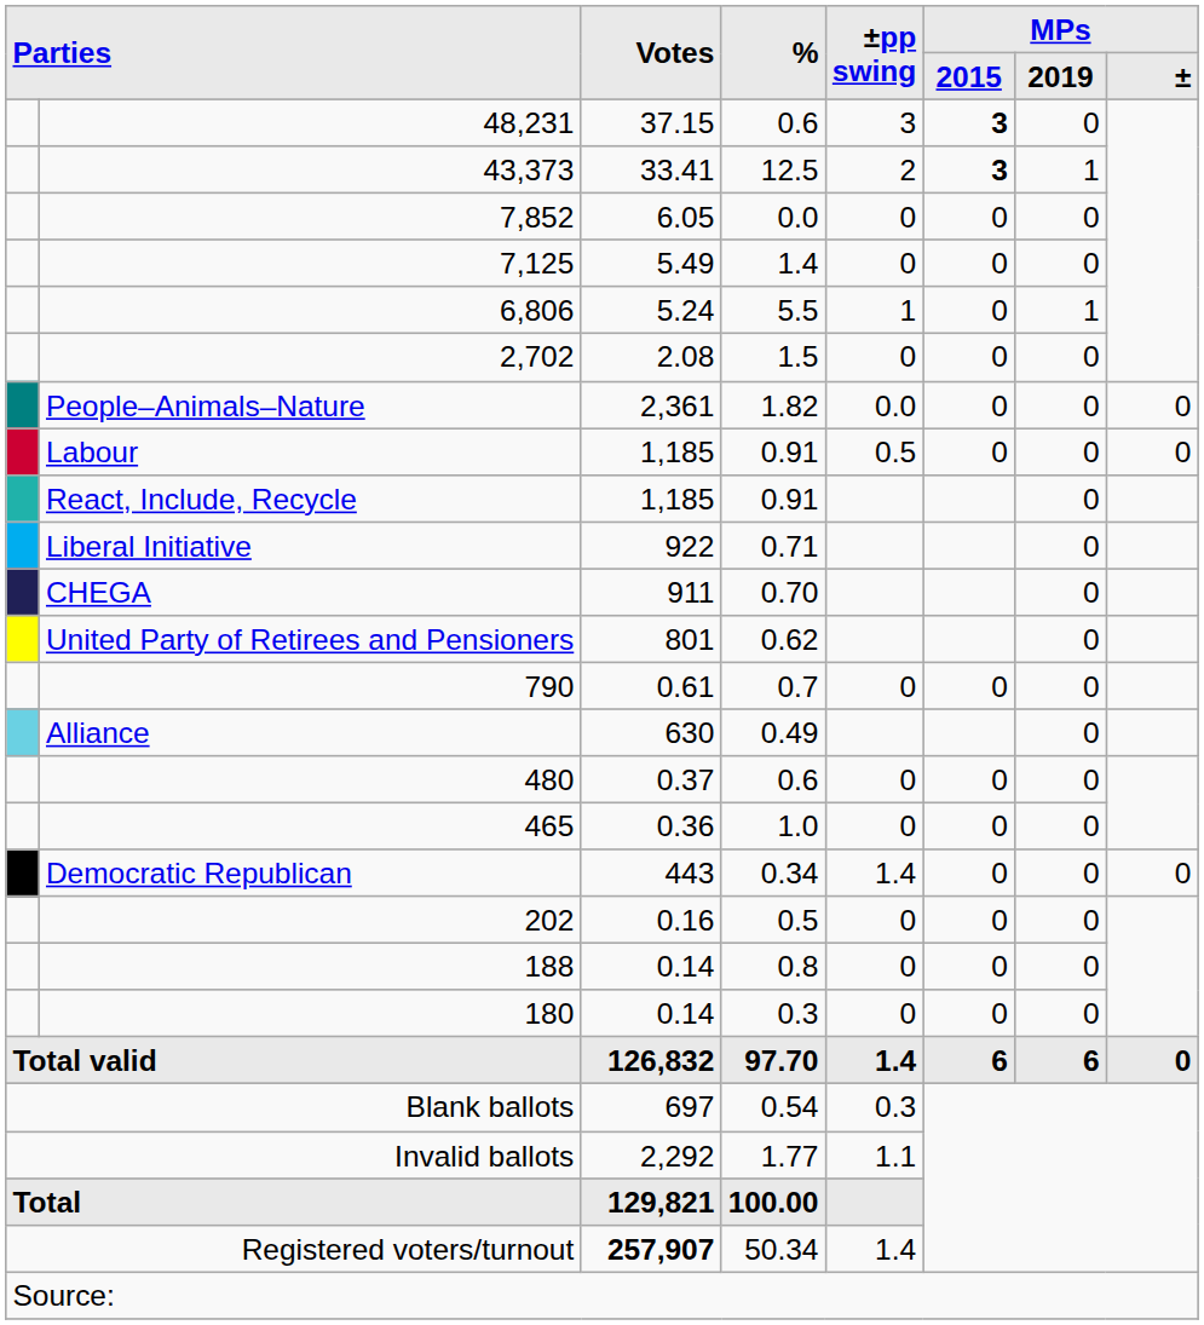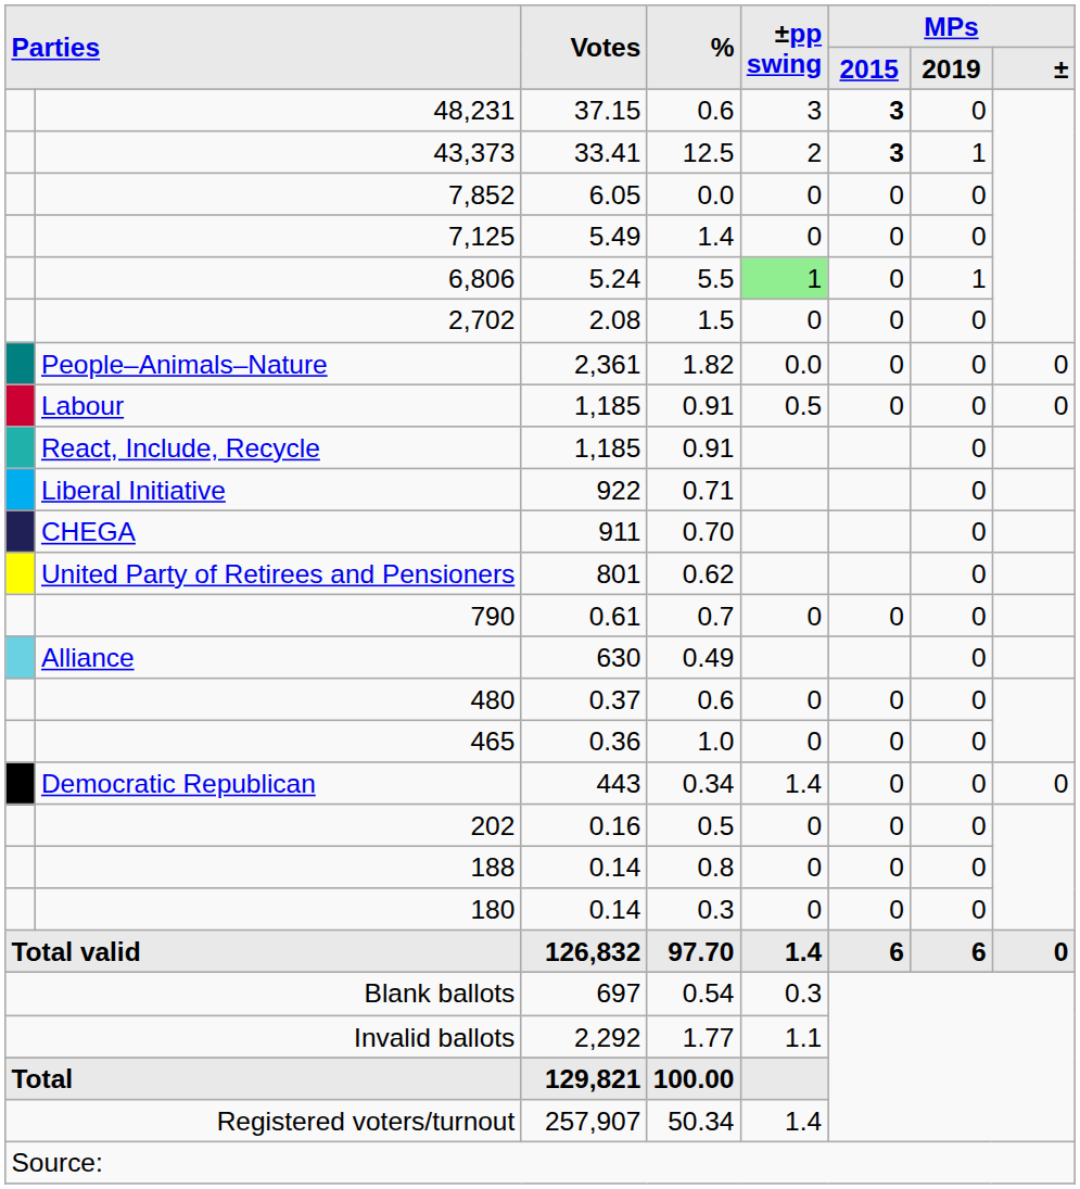 <table class="wikitable" style="text-align:right; font-size:95%;">
 <tr>
 <th rowspan="2" colspan="2" style="background:#e9e9e9; text-align:left;" alignleft><a href='#'>Parties</a></th>
 <th rowspan="2" style="background:#e9e9e9; text-align:right;">Votes</th>
 <th rowspan="2" style="background:#e9e9e9; text-align:right;">%</th>
 <th rowspan="2" style="background:#e9e9e9; text-align:right;">±<a href='#'>pp</a> <a href='#'>swing</a></th>
 <th colspan="3" style="background:#e9e9e9; text-align:center;"><a href='#'>MPs</a></th>
 </tr>
 <tr style="background-color:#E9E9E9">
 <th style="background-color:#E9E9E9;text-align:center;"><a href='#'>2015</a></th>
 <th style="background-color:#E9E9E9;text-align:center;">2019</th>
 <th style="background:#e9e9e9; text-align:right;">±</th>
 </tr>
 <tr>
 <td></td>
 <td>48,231</td>
 <td>37.15</td>
 <td>0.6</td>
 <td>3</td>
 <td><strong>3</strong></td>
 <td>0</td>
 </tr>
 <tr>
 <td></td>
 <td>43,373</td>
 <td>33.41</td>
 <td>12.5</td>
 <td>2</td>
 <td><strong>3</strong></td>
 <td>1</td>
 </tr>
 <tr>
 <td></td>
 <td>7,852</td>
 <td>6.05</td>
 <td>0.0</td>
 <td>0</td>
 <td>0</td>
 <td>0</td>
 </tr>
 <tr>
 <td></td>
 <td>7,125</td>
 <td>5.49</td>
 <td>1.4</td>
 <td>0</td>
 <td>0</td>
 <td>0</td>
 </tr>
 <tr>
 <td></td>
 <td>6,806</td>
 <td>5.24</td>
 <td>5.5</td>
-<td>1</td>
+<td style="background: lightgreen;">1</td>
 <td>0</td>
 <td>1</td>
 </tr>
 <tr>
 <td></td>
 <td>2,702</td>
 <td>2.08</td>
 <td>1.5</td>
 <td>0</td>
 <td>0</td>
 <td>0</td>
 </tr>
 <tr>
 <td style="width: 10px" bgcolor="teal" align="center"></td>
 <td align="left"><a href='#'>People–Animals–Nature</a></td>
 <td>2,361</td>
 <td>1.82</td>
 <td>0.0</td>
 <td>0</td>
 <td>0</td>
 <td>0</td>
 </tr>
 <tr>
 <td style="width: 10px" bgcolor=#CC0033 align="center"></td>
 <td align=left><a href='#'>Labour</a></td>
 <td>1,185</td>
 <td>0.91</td>
 <td>0.5</td>
 <td>0</td>
 <td>0</td>
 <td>0</td>
 </tr>
 <tr>
 <td style="width: 10px" bgcolor=LightSeaGreen align="center"></td>
 <td align=left><a href='#'>React, Include, Recycle</a></td>
 <td>1,185</td>
 <td>0.91</td>
 <td></td>
 <td></td>
 <td>0</td>
 <td></td>
 </tr>
 <tr>
 <td style="width: 10px" bgcolor="#00ADEF" align="center"></td>
 <td align="left"><a href='#'>Liberal Initiative</a></td>
 <td>922</td>
 <td>0.71</td>
 <td></td>
 <td></td>
 <td>0</td>
 <td></td>
 </tr>
 <tr>
 <td style="width: 10px" bgcolor="#202056" align="center"></td>
 <td align="left"><a href='#'>CHEGA</a></td>
 <td>911</td>
 <td>0.70</td>
 <td></td>
 <td></td>
 <td>0</td>
 <td></td>
 </tr>
 <tr>
 <td style="width: 10px" bgcolor=yellow align="center"></td>
 <td align=left><a href='#'>United Party of Retirees and Pensioners</a></td>
 <td>801</td>
 <td>0.62</td>
 <td></td>
 <td></td>
 <td>0</td>
 <td></td>
 </tr>
 <tr>
 <td></td>
 <td>790</td>
 <td>0.61</td>
 <td>0.7</td>
 <td>0</td>
 <td>0</td>
 <td>0</td>
 </tr>
 <tr>
 <td style="width: 10px" bgcolor="#6AD1E3" align="center"></td>
 <td align="left"><a href='#'>Alliance</a></td>
 <td>630</td>
 <td>0.49</td>
 <td></td>
 <td></td>
 <td>0</td>
 <td></td>
 </tr>
 <tr>
 <td></td>
 <td>480</td>
 <td>0.37</td>
 <td>0.6</td>
 <td>0</td>
 <td>0</td>
 <td>0</td>
 </tr>
 <tr>
 <td></td>
 <td>465</td>
 <td>0.36</td>
 <td>1.0</td>
 <td>0</td>
 <td>0</td>
 <td>0</td>
 </tr>
 <tr>
 <td style="width: 10px" bgcolor=black align="center"></td>
 <td align=left><a href='#'>Democratic Republican</a></td>
 <td>443</td>
 <td>0.34</td>
 <td>1.4</td>
 <td>0</td>
 <td>0</td>
 <td>0</td>
 </tr>
 <tr>
 <td></td>
 <td>202</td>
 <td>0.16</td>
 <td>0.5</td>
 <td>0</td>
 <td>0</td>
 <td>0</td>
 </tr>
 <tr>
 <td></td>
 <td>188</td>
 <td>0.14</td>
 <td>0.8</td>
 <td>0</td>
 <td>0</td>
 <td>0</td>
 </tr>
 <tr>
 <td></td>
 <td>180</td>
 <td>0.14</td>
 <td>0.3</td>
 <td>0</td>
 <td>0</td>
 <td>0</td>
 </tr>
 <tr>
 <td colspan=2 align=left style="background-color:#E9E9E9"><strong>Total valid</strong></td>
 <td width="65" align="right" style="background-color:#E9E9E9"><strong>126,832</strong></td>
 <td width="40" align="right" style="background-color:#E9E9E9"><strong>97.70</strong></td>
 <td width="40" align="right" style="background-color:#E9E9E9"><strong>1.4</strong></td>
 <td width="40" align="right" style="background-color:#E9E9E9"><strong>6</strong></td>
 <td width="40" align="right" style="background-color:#E9E9E9"><strong>6</strong></td>
 <td width="40" align="right" style="background-color:#E9E9E9"><strong>0</strong></td>
 </tr>
 <tr>
 <td colspan=2>Blank ballots</td>
 <td>697</td>
 <td>0.54</td>
 <td>0.3</td>
 <td colspan=4 rowspan=4></td>
 </tr>
 <tr>
 <td colspan=2>Invalid ballots</td>
 <td>2,292</td>
 <td>1.77</td>
 <td>1.1</td>
 </tr>
 <tr>
 <td colspan=2 width="259" align=left style="background-color:#E9E9E9"><strong>Total</strong></td>
 <td width="50" align="right" style="background-color:#E9E9E9"><strong>129,821</strong></td>
 <td width="40" align="right" style="background-color:#E9E9E9"><strong>100.00</strong></td>
 <td width="40" align="right" style="background-color:#E9E9E9"></td>
 </tr>
 <tr>
 <td colspan=2>Registered voters/turnout</td>
-<td><strong>257,907</strong></td>
+<td>257,907</td>
 <td>50.34</td>
 <td>1.4</td>
 </tr>
 <tr>
 <td colspan=11 align=left>Source: </td>
 </tr>
 </table>
